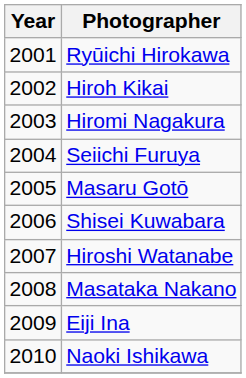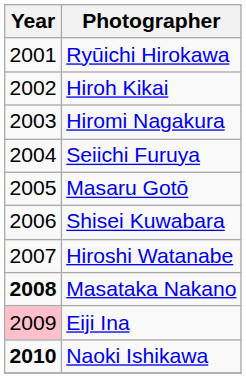 <table class="wikitable">
 <tr>
 <th>Year</th>
 <th>Photographer</th>
 </tr>
 <tr>
 <td>2001</td>
 <td><a href='#'>Ryūichi Hirokawa</a></td>
 </tr>
 <tr>
 <td>2002</td>
 <td><a href='#'>Hiroh Kikai</a></td>
 </tr>
 <tr>
 <td>2003</td>
 <td><a href='#'>Hiromi Nagakura</a></td>
 </tr>
 <tr>
 <td>2004</td>
 <td><a href='#'>Seiichi Furuya</a></td>
 </tr>
 <tr>
 <td>2005</td>
 <td><a href='#'>Masaru Gotō</a></td>
 </tr>
 <tr>
 <td>2006</td>
 <td><a href='#'>Shisei Kuwabara</a></td>
 </tr>
 <tr>
 <td>2007</td>
 <td><a href='#'>Hiroshi Watanabe</a></td>
 </tr>
 <tr>
-<td>2008</td>
+<td><strong>2008</strong></td>
 <td><a href='#'>Masataka Nakano</a></td>
 </tr>
 <tr>
-<td>2009</td>
+<td style="background: pink;">2009</td>
 <td><a href='#'>Eiji Ina</a></td>
 </tr>
 <tr>
-<td>2010</td>
+<td><strong>2010</strong></td>
 <td><a href='#'>Naoki Ishikawa</a></td>
 </tr>
 <tr>
 </tr>
 </table>
